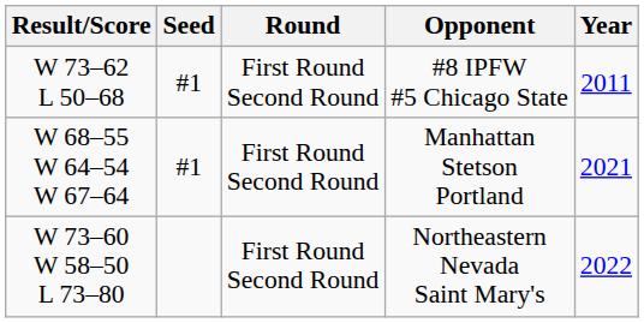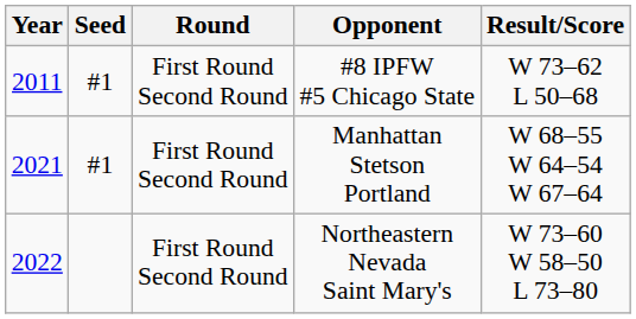 <table class="wikitable" style="text-align:center;">
 <tr>
-<th>Result/Score</th>
+<th>Year</th>
 <th>Seed</th>
 <th>Round</th>
 <th>Opponent</th>
-<th>Year</th>
+<th>Result/Score</th>
 </tr>
 <tr>
-<td>W 73–62<br>L 50–68</td>
+<td><a href='#'>2011</a></td>
 <td>#1</td>
 <td>First Round<br>Second Round</td>
 <td>#8 IPFW<br>#5 Chicago State</td>
-<td><a href='#'>2011</a></td>
+<td>W 73–62<br>L 50–68</td>
 </tr>
 <tr>
-<td>W 68–55<br>W 64–54<br>W 67–64</td>
+<td><a href='#'>2021</a></td>
 <td>#1</td>
 <td>First Round<br>Second Round</td>
 <td>Manhattan<br>Stetson<br>Portland</td>
-<td><a href='#'>2021</a></td>
+<td>W 68–55<br>W 64–54<br>W 67–64</td>
 </tr>
 <tr>
-<td>W 73–60<br>W 58–50<br>L 73–80</td>
+<td><a href='#'>2022</a></td>
 <td></td>
 <td>First Round<br>Second Round</td>
 <td>Northeastern<br>Nevada<br>Saint Mary's</td>
-<td><a href='#'>2022</a></td>
+<td>W 73–60<br>W 58–50<br>L 73–80</td>
 </tr>
 </table>
